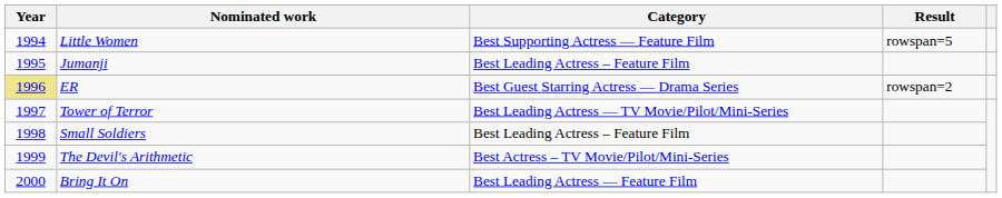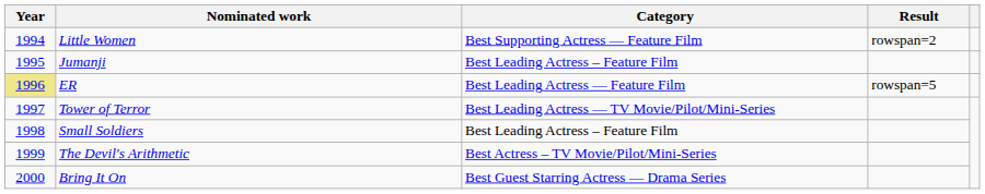 <table class="wikitable" style="width:85%;">
 <tr>
 <th width=5%>Year</th>
 <th style="width:40%;">Nominated work</th>
 <th style="width:40%;">Category</th>
 <th style="width:10%;">Result</th>
 <th width=1%></th>
 </tr>
 <tr>
 <td style="text-align:center;"><a href='#'>1994</a></td>
 <td><em><a href='#'>Little Women</a></em></td>
 <td><a href='#'>Best Supporting Actress — Feature Film</a></td>
-<td>rowspan=5 </td>
+<td>rowspan=2 </td>
 <td style="text-align:center;"></td>
 </tr>
 <tr>
 <td style="text-align:center;"><a href='#'>1995</a></td>
 <td><em><a href='#'>Jumanji</a></em></td>
 <td><a href='#'>Best Leading Actress – Feature Film</a></td>
 <td style="text-align:center;"></td>
 </tr>
 <tr>
 <td style="background: khaki; text-align:center;"><a href='#'>1996</a></td>
 <td><em><a href='#'>ER</a></em></td>
-<td><a href='#'>Best Guest Starring Actress — Drama Series</a></td>
-<td>rowspan=2 </td>
+<td><a href='#'>Best Leading Actress — Feature Film</a></td>
+<td>rowspan=5 </td>
 <td style="text-align:center;"></td>
 </tr>
 <tr>
 <td style="text-align:center;"><a href='#'>1997</a></td>
 <td><em><a href='#'>Tower of Terror</a></em></td>
 <td><a href='#'>Best Leading Actress — TV Movie/Pilot/Mini-Series</a></td>
 <td style="text-align:center;"></td>
 </tr>
 <tr>
 <td style="text-align:center;"><a href='#'>1998</a></td>
 <td><em><a href='#'>Small Soldiers</a></em></td>
 <td>Best Leading Actress – Feature Film</td>
 <td style="text-align:center;"></td>
 </tr>
 <tr>
 <td style="text-align:center;"><a href='#'>1999</a></td>
 <td><em><a href='#'>The Devil's Arithmetic</a></em></td>
 <td><a href='#'>Best Actress – TV Movie/Pilot/Mini-Series</a></td>
 <td style="text-align:center;"></td>
 </tr>
 <tr>
 <td style="text-align:center;"><a href='#'>2000</a></td>
 <td><em><a href='#'>Bring It On</a></em></td>
-<td><a href='#'>Best Leading Actress — Feature Film</a></td>
+<td><a href='#'>Best Guest Starring Actress — Drama Series</a></td>
 <td style="text-align:center;"></td>
 </tr>
 </table>
